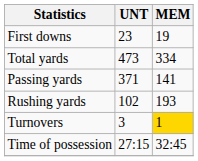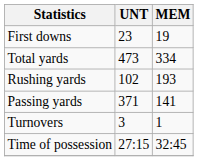 <table class="wikitable">
 <tr>
 <th>Statistics</th>
 <th>UNT</th>
 <th>MEM</th>
 </tr>
 <tr>
 <td>First downs</td>
 <td>23</td>
 <td>19</td>
 </tr>
 <tr>
 <td>Total yards</td>
 <td>473</td>
 <td>334</td>
 </tr>
 <tr>
+<td>Rushing yards</td>
+<td>102</td>
+<td>193</td>
+</tr>
+<tr>
 <td>Passing yards</td>
 <td>371</td>
 <td>141</td>
 </tr>
 <tr>
-<td>Rushing yards</td>
-<td>102</td>
-<td>193</td>
-</tr>
-<tr>
 <td>Turnovers</td>
 <td>3</td>
-<td style="background: gold;">1</td>
+<td>1</td>
 </tr>
 <tr>
 <td>Time of possession</td>
 <td>27:15</td>
 <td>32:45</td>
 </tr>
 <tr>
 </tr>
 </table>
